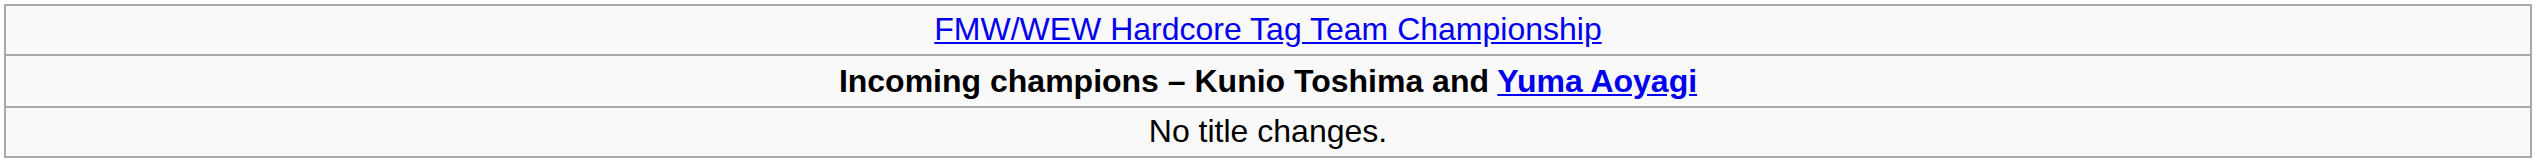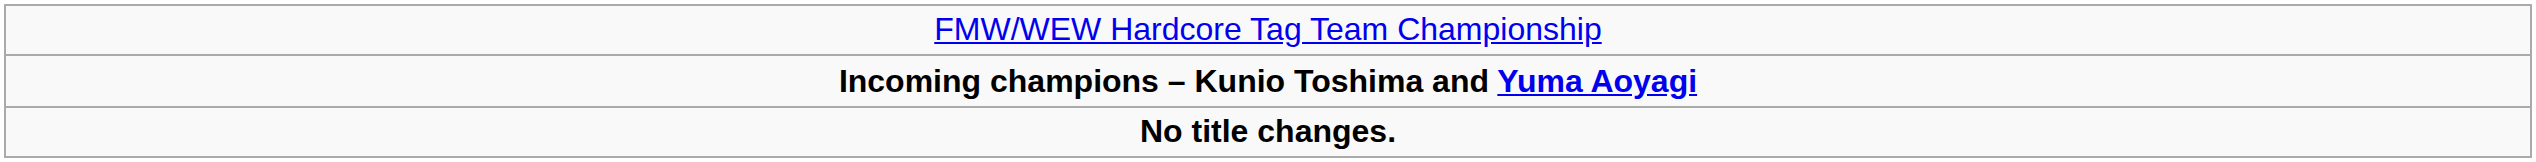 <table class="wikitable" style="text-align:center; width:100%;">
 <tr>
 <td style="text-align: center;"><a href='#'>FMW/WEW Hardcore Tag Team Championship</a></td>
 </tr>
 <tr>
 <td style="text-align: center;"><strong>Incoming champions – Kunio Toshima and <a href='#'>Yuma Aoyagi</a></strong></td>
 </tr>
 <tr>
-<td>No title changes.</td>
+<td><strong>No title changes.</strong></td>
 </tr>
 </table>
